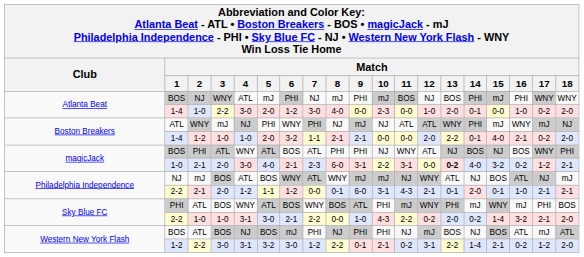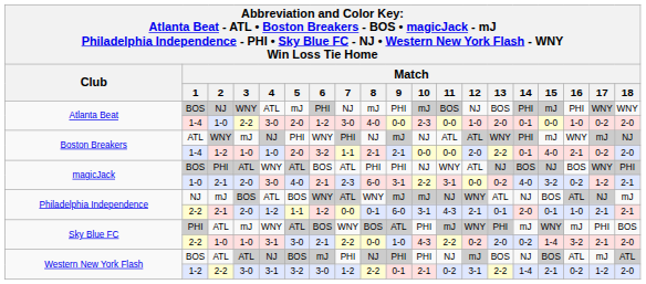 <table class="wikitable" style="text-align:center;width=90%">
 <tr>
 <th colspan="19">Abbreviation and Color Key:<br><a href='#'>Atlanta Beat</a> - ATL • <a href='#'>Boston Breakers</a> - BOS • <a href='#'>magicJack</a> - mJ<br><a href='#'>Philadelphia Independence</a> - PHI • <a href='#'>Sky Blue FC</a> - NJ • <a href='#'>Western New York Flash</a> - WNY<br><span>Win</span>  <span>Loss</span>  <span>Tie</span> <span>Home</span></th>
 </tr>
 <tr>
 <th width="28%" rowspan="2">Club</th>
 <th width="72%" colspan="18">Match</th>
 </tr>
 <tr style="background-color:#CCCCCC; font-size: 90%">
 <th width="4%">1</th>
 <th width="4%">2</th>
 <th width="4%">3</th>
 <th width="4%">4</th>
 <th width="4%">5</th>
 <th width="4%">6</th>
 <th width="4%">7</th>
 <th width="4%">8</th>
 <th width="4%">9</th>
 <th width="4%">10</th>
 <th width="4%">11</th>
 <th width="4%">12</th>
 <th width="4%">13</th>
 <th width="4%">14</th>
 <th width="4%">15</th>
 <th width="4%">16</th>
 <th width="4%">17</th>
 <th width="4%">18<br></th>
 </tr>
 <tr style="font-size: 75%">
 <td rowspan="2"><a href='#'>Atlanta Beat</a></td>
 <td bgcolor=#CCCCCC>BOS</td>
 <td bgcolor=#CCCCCC>NJ</td>
 <td bgcolor=#CCCCCC>WNY</td>
 <td>ATL</td>
 <td>mJ</td>
 <td bgcolor=#CCCCCC>PHI</td>
 <td>NJ</td>
 <td>mJ</td>
 <td>PHI</td>
 <td bgcolor=#CCCCCC>mJ</td>
 <td bgcolor=#CCCCCC>BOS</td>
 <td>NJ</td>
 <td>BOS</td>
 <td bgcolor=#CCCCCC>PHI</td>
 <td bgcolor=#CCCCCC>mJ</td>
 <td>PHI</td>
 <td bgcolor=#CCCCCC>WNY</td>
 <td>WNY</td>
 </tr>
 <tr style="font-size: 75%">
 <td bgcolor=#FFDFDF>1-4</td>
 <td bgcolor=#DFE7FF>1-0</td>
 <td bgcolor=#FFFDD0>2-2</td>
 <td bgcolor=#FFDFDF>3-0</td>
 <td bgcolor=#FFDFDF>2-0</td>
 <td bgcolor=#FFDFDF>1-2</td>
 <td bgcolor=#FFDFDF>3-0</td>
 <td bgcolor=#FFDFDF>4-0</td>
 <td bgcolor=#FFFDD0>0-0</td>
 <td bgcolor=#FFDFDF>2-3</td>
 <td bgcolor=#FFFDD0>0-0</td>
 <td bgcolor=#FFDFDF>1-0</td>
 <td bgcolor=#FFDFDF>2-0</td>
 <td bgcolor=#FFDFDF>0-1</td>
 <td bgcolor=#FFFDD0>0-0</td>
 <td bgcolor=#FFDFDF>1-0</td>
 <td bgcolor=#FFDFDF>0-2</td>
 <td bgcolor=#FFDFDF>2-0</td>
 </tr>
 <tr style="font-size: 75%">
 <td rowspan="2"><a href='#'>Boston Breakers</a></td>
 <td>ATL</td>
 <td bgcolor=#CCCCCC>WNY</td>
 <td>mJ</td>
 <td bgcolor=#CCCCCC>NJ</td>
 <td>PHI</td>
 <td>WNY</td>
 <td bgcolor=#CCCCCC>PHI</td>
 <td>NJ</td>
 <td bgcolor=#CCCCCC>mJ</td>
 <td>NJ</td>
 <td>ATL</td>
 <td bgcolor=#CCCCCC>ATL</td>
 <td bgcolor=#CCCCCC>WNY</td>
 <td bgcolor=#CCCCCC>PHI</td>
 <td>mJ</td>
 <td>WNY</td>
 <td bgcolor=#CCCCCC>mJ</td>
 <td bgcolor=#CCCCCC>NJ</td>
 </tr>
 <tr style="font-size: 75%">
 <td bgcolor=#DFE7FF>1-4</td>
 <td bgcolor=#FFDFDF>1-2</td>
 <td bgcolor=#FFDFDF>1-0</td>
 <td bgcolor=#DFE7FF>1-0</td>
 <td bgcolor=#FFDFDF>2-0</td>
 <td bgcolor=#FFDFDF>3-2</td>
 <td bgcolor=#FFFDD0>1-1</td>
 <td bgcolor=#FFDFDF>2-1</td>
 <td bgcolor=#DFE7FF>2-1</td>
 <td bgcolor=#FFFDD0>0-0</td>
 <td bgcolor=#FFFDD0>0-0</td>
 <td bgcolor=#DFE7FF>2-0</td>
 <td bgcolor=#FFFDD0>2-2</td>
 <td bgcolor=#FFDFDF>0-1</td>
 <td bgcolor=#FFDFDF>4-0</td>
 <td bgcolor=#FFDFDF>2-1</td>
 <td bgcolor=#FFDFDF>0-2</td>
 <td bgcolor=#DFE7FF>2-0</td>
 </tr>
 <tr style="font-size: 75%">
 <td rowspan="2"><a href='#'>magicJack</a></td>
 <td bgcolor=#CCCCCC>BOS</td>
 <td bgcolor=#CCCCCC>PHI</td>
 <td bgcolor=#CCCCCC>ATL</td>
 <td>WNY</td>
 <td bgcolor=#CCCCCC>ATL</td>
 <td>BOS</td>
 <td>ATL</td>
 <td>PHI</td>
 <td>PHI</td>
 <td>NJ</td>
 <td>WNY</td>
 <td>ATL</td>
 <td bgcolor=#CCCCCC>NJ</td>
 <td bgcolor=#CCCCCC>BOS</td>
 <td bgcolor=#CCCCCC>NJ</td>
 <td>BOS</td>
 <td bgcolor=#CCCCCC>WNY</td>
 <td bgcolor=#CCCCCC>PHI</td>
 </tr>
 <tr style="font-size: 75%">
 <td bgcolor=#DFE7FF>1-0</td>
 <td bgcolor=#DFE7FF>2-1</td>
 <td bgcolor=#DFE7FF>2-0</td>
 <td bgcolor=#FFDFDF>3-0</td>
 <td bgcolor=#DFE7FF>4-0</td>
 <td bgcolor=#FFDFDF>2-1</td>
 <td bgcolor=#DFE7FF>2-3</td>
 <td bgcolor=#FFDFDF>6-0</td>
 <td bgcolor=#FFDFDF>3-1</td>
 <td bgcolor=#FFFDD0>2-2</td>
 <td bgcolor=#FFDFDF>3-1</td>
 <td bgcolor=#FFFDD0>0-0</td>
-<td bgcolor=#FFDFDF><strong>0-2</strong></td>
+<td bgcolor=#FFDFDF>0-2</td>
 <td bgcolor=#DFE7FF>4-0</td>
 <td bgcolor=#DFE7FF>3-2</td>
 <td bgcolor=#DFE7FF>0-2</td>
 <td bgcolor=#FFDFDF>1-2</td>
 <td bgcolor=#DFE7FF>2-1</td>
 </tr>
 <tr style="font-size: 75%">
 <td rowspan="2"><a href='#'>Philadelphia Independence</a></td>
 <td>NJ</td>
 <td>mJ</td>
 <td bgcolor=#CCCCCC>BOS</td>
 <td>ATL</td>
 <td>BOS</td>
 <td bgcolor=#CCCCCC>WNY</td>
 <td bgcolor=#CCCCCC>ATL</td>
 <td>WNY</td>
 <td bgcolor=#CCCCCC>mJ</td>
 <td bgcolor=#CCCCCC>mJ</td>
 <td bgcolor=#CCCCCC>NJ</td>
 <td bgcolor=#CCCCCC>WNY</td>
 <td>ATL</td>
 <td>NJ</td>
 <td>BOS</td>
 <td bgcolor=#CCCCCC>ATL</td>
 <td bgcolor=#CCCCCC>NJ</td>
 <td>mJ</td>
 </tr>
 <tr style="font-size: 75%">
 <td bgcolor=#FFFDD0>2-2</td>
 <td bgcolor=#FFDFDF>2-1</td>
 <td bgcolor=#DFE7FF>2-0</td>
 <td bgcolor=#DFE7FF>1-2</td>
 <td bgcolor=#FFFDD0>1-1</td>
 <td bgcolor=#FFDFDF>1-2</td>
 <td bgcolor=#FFFDD0>0-0</td>
 <td bgcolor=#DFE7FF>0-1</td>
 <td bgcolor=#DFE7FF>6-0</td>
 <td bgcolor=#DFE7FF>3-1</td>
 <td bgcolor=#DFE7FF>4-3</td>
 <td bgcolor=#DFE7FF>2-1</td>
 <td bgcolor=#DFE7FF>0-1</td>
 <td bgcolor=#FFDFDF>2-0</td>
 <td bgcolor=#DFE7FF>0-1</td>
 <td bgcolor=#DFE7FF>1-0</td>
 <td bgcolor=#DFE7FF>2-1</td>
 <td bgcolor=#FFDFDF>2-1</td>
 </tr>
 <tr style="font-size: 75%">
 <td rowspan="2"><a href='#'>Sky Blue FC</a></td>
 <td bgcolor=#CCCCCC>PHI</td>
 <td>ATL</td>
-<td>BOS</td>
+<td>mJ</td>
 <td>WNY</td>
 <td bgcolor=#CCCCCC>ATL</td>
 <td bgcolor=#CCCCCC>BOS</td>
 <td>WNY</td>
 <td bgcolor=#CCCCCC>BOS</td>
 <td bgcolor=#CCCCCC>ATL</td>
 <td>PHI</td>
 <td bgcolor=#CCCCCC>mJ</td>
 <td bgcolor=#CCCCCC>WNY</td>
 <td bgcolor=#CCCCCC>PHI</td>
 <td>mJ</td>
 <td bgcolor=#CCCCCC>WNY</td>
 <td>mJ</td>
 <td>PHI</td>
 <td>BOS</td>
 </tr>
 <tr style="font-size: 75%">
 <td bgcolor=#FFFDD0>2-2</td>
 <td bgcolor=#FFDFDF>1-0</td>
 <td bgcolor=#FFDFDF>1-0</td>
 <td bgcolor=#FFDFDF>3-1</td>
 <td bgcolor=#DFE7FF>3-0</td>
 <td bgcolor=#DFE7FF>2-1</td>
 <td bgcolor=#FFFDD0>2-2</td>
 <td bgcolor=#FFFDD0>0-0</td>
 <td bgcolor=#DFE7FF>1-0</td>
 <td bgcolor=#FFDFDF>4-3</td>
 <td bgcolor=#FFFDD0>2-2</td>
 <td bgcolor=#FFDFDF>0-2</td>
 <td bgcolor=#DFE7FF>2-0</td>
 <td bgcolor=#DFE7FF>0-2</td>
 <td bgcolor=#FFDFDF>1-4</td>
 <td bgcolor=#FFDFDF>3-2</td>
 <td bgcolor=#FFDFDF>2-1</td>
 <td bgcolor=#FFDFDF>2-0</td>
 </tr>
 <tr style="font-size: 75%">
 <td rowspan="2"><a href='#'>Western New York Flash</a></td>
 <td>BOS</td>
 <td>ATL</td>
-<td bgcolor=#CCCCCC>BOS</td>
+<td bgcolor=#CCCCCC>ATL</td>
 <td bgcolor=#CCCCCC>NJ</td>
 <td bgcolor=#CCCCCC>BOS</td>
 <td bgcolor=#CCCCCC>mJ</td>
 <td>PHI</td>
 <td bgcolor=#CCCCCC>NJ</td>
 <td bgcolor=#CCCCCC>PHI</td>
 <td>PHI</td>
 <td>NJ</td>
 <td bgcolor=#CCCCCC>mJ</td>
 <td>BOS</td>
 <td>NJ</td>
 <td bgcolor=#CCCCCC>BOS</td>
 <td>ATL</td>
 <td>mJ</td>
 <td bgcolor=#CCCCCC>ATL</td>
 </tr>
 <tr style="font-size: 75%">
 <td bgcolor=#DFE7FF>1-2</td>
 <td bgcolor=#FFFDD0>2-2</td>
 <td bgcolor=#DFE7FF>3-0</td>
 <td bgcolor=#DFE7FF>3-1</td>
 <td bgcolor=#DFE7FF>3-2</td>
 <td bgcolor=#DFE7FF>3-0</td>
 <td bgcolor=#DFE7FF>1-2</td>
 <td bgcolor=#FFFDD0>2-2</td>
 <td bgcolor=#FFDFDF>0-1</td>
 <td bgcolor=#FFDFDF>2-1</td>
 <td bgcolor=#DFE7FF>0-2</td>
 <td bgcolor=#DFE7FF>3-1</td>
 <td bgcolor=#FFFDD0>2-2</td>
 <td bgcolor=#DFE7FF>1-4</td>
 <td bgcolor=#DFE7FF>2-1</td>
 <td bgcolor=#DFE7FF>0-2</td>
 <td bgcolor=#DFE7FF>1-2</td>
 <td bgcolor=#DFE7FF>2-0</td>
 </tr>
 </table>
